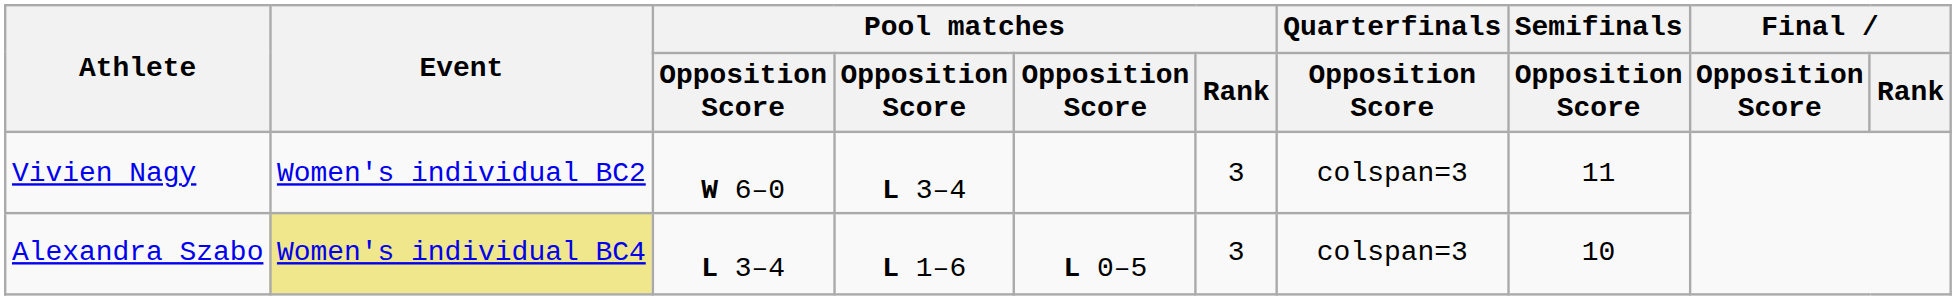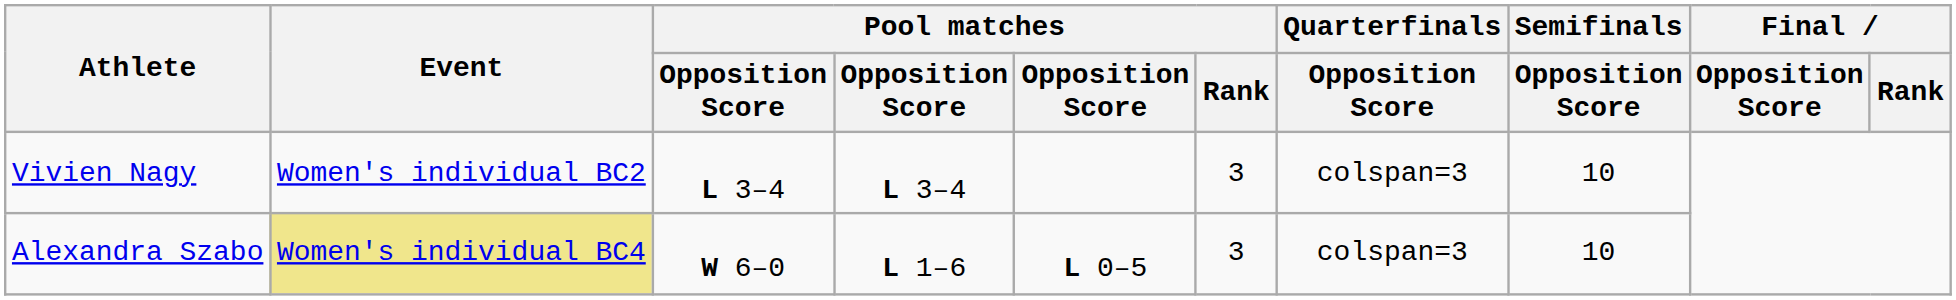 <table class=wikitable style="font-size:90%">
 <tr>
 <th rowspan="2">Athlete</th>
 <th rowspan="2">Event</th>
 <th colspan="4">Pool matches</th>
 <th>Quarterfinals</th>
 <th>Semifinals</th>
 <th colspan=2>Final / </th>
 </tr>
 <tr>
 <th>Opposition<br>Score</th>
 <th>Opposition<br>Score</th>
 <th>Opposition<br>Score</th>
 <th>Rank</th>
 <th>Opposition<br>Score</th>
 <th>Opposition<br>Score</th>
 <th>Opposition<br>Score</th>
 <th>Rank</th>
 </tr>
 <tr align=center>
 <td align=left><a href='#'>Vivien Nagy</a></td>
 <td align=left><a href='#'>Women's individual BC2</a></td>
-<td><br><strong>W</strong> 6–0</td>
+<td><br><strong>L</strong> 3–4</td>
 <td><br><strong>L</strong> 3–4</td>
 <td></td>
 <td>3</td>
 <td>colspan=3 </td>
-<td>11</td>
+<td>10</td>
 </tr>
 <tr align=center>
 <td align=left><a href='#'>Alexandra Szabo</a></td>
 <td align=left style="background: khaki;"><a href='#'>Women's individual BC4</a></td>
-<td><br><strong>L</strong> 3–4</td>
+<td><br><strong>W</strong> 6–0</td>
 <td><br><strong>L</strong> 1–6</td>
 <td><br><strong>L</strong> 0–5</td>
 <td>3</td>
 <td>colspan=3 </td>
 <td>10</td>
 </tr>
 </table>
